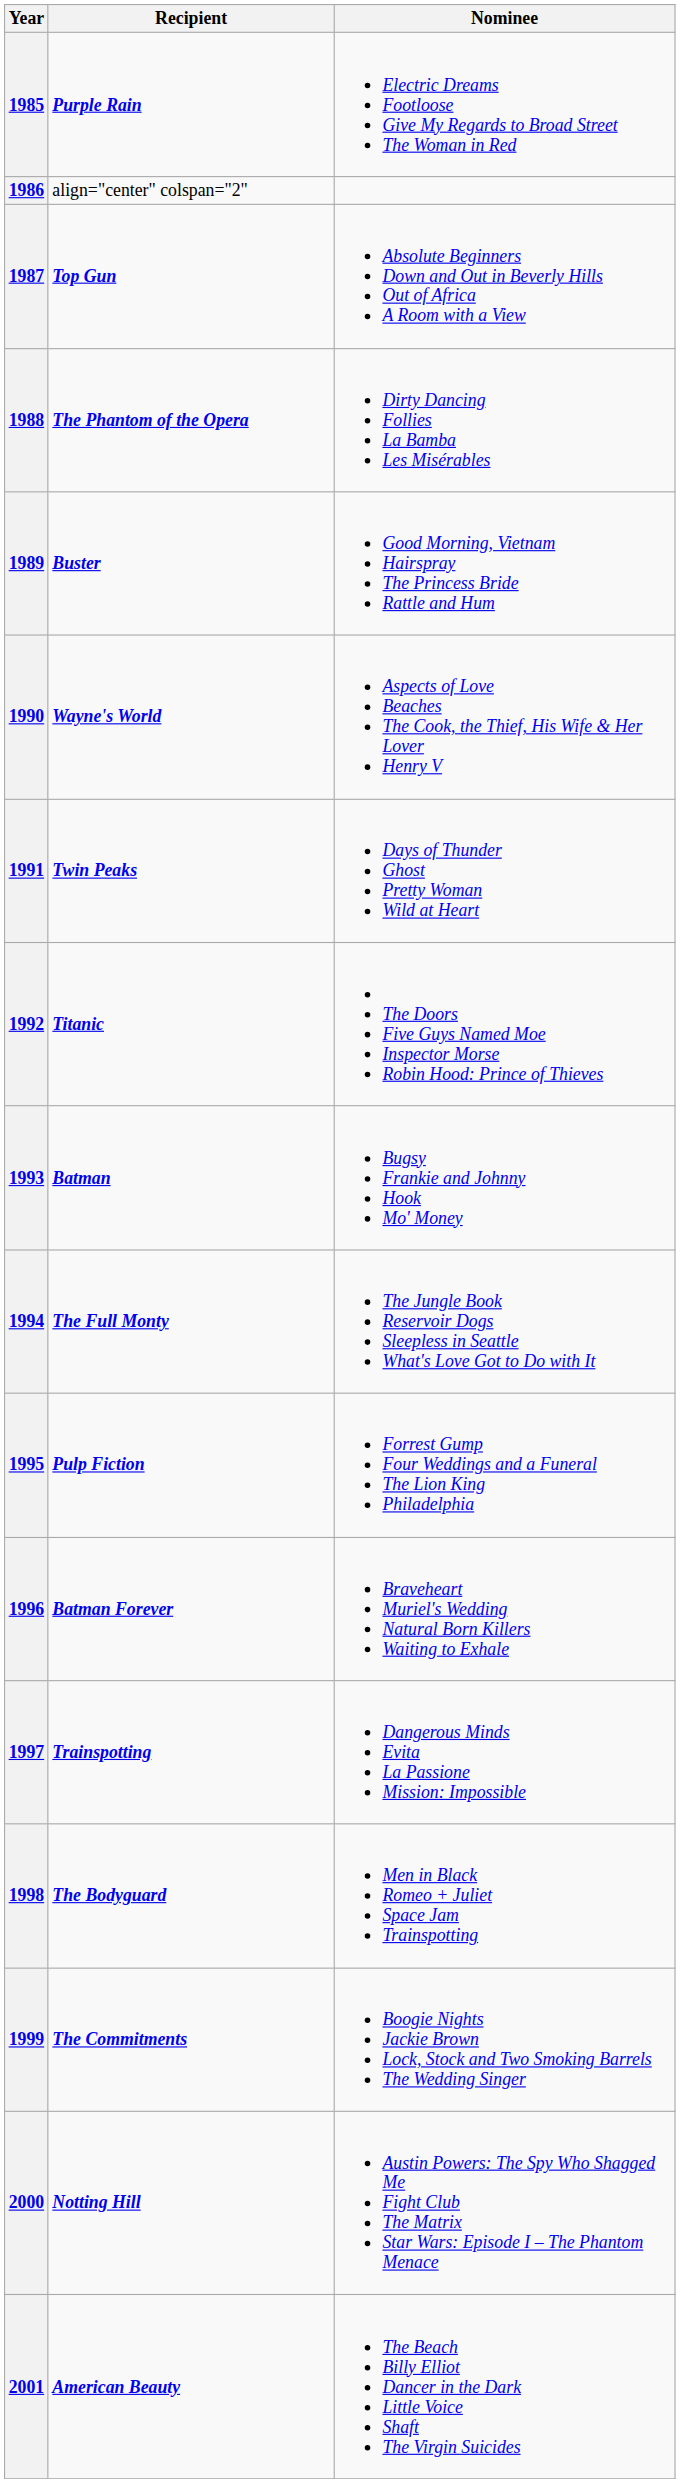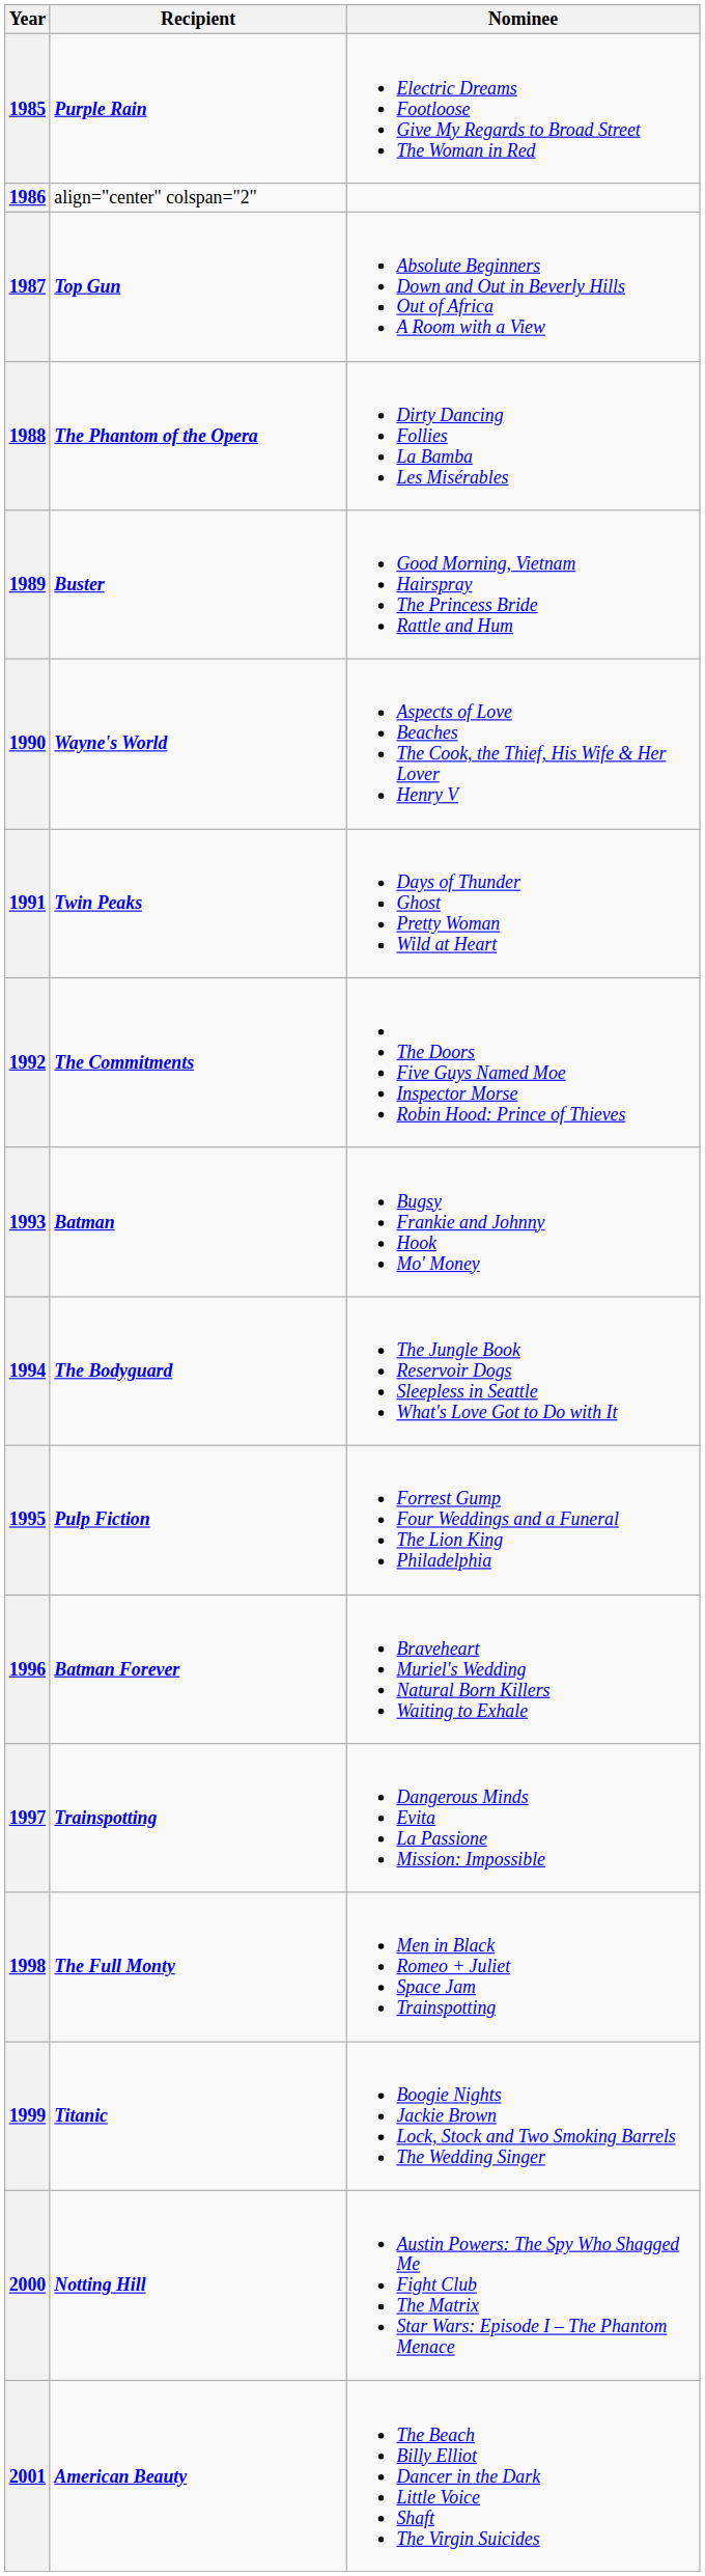 <table class="wikitable sortable plainrowheaders">
 <tr>
 <th>Year</th>
 <th width="250">Recipient</th>
 <th width="300" class="unsortable">Nominee</th>
 </tr>
 <tr>
 <th><a href='#'>1985</a></th>
 <td><strong><em><a href='#'>Purple Rain</a></em></strong></td>
 <td><br><ul><li><em><a href='#'>Electric Dreams</a></em></li><li><em><a href='#'>Footloose</a></em></li><li><em><a href='#'>Give My Regards to Broad Street</a></em></li><li><em><a href='#'>The Woman in Red</a></em></li></ul></td>
 </tr>
 <tr>
 <th><a href='#'>1986</a></th>
 <td>align="center" colspan="2" </td>
 </tr>
 <tr>
 <th><a href='#'>1987</a></th>
 <td><strong><em><a href='#'>Top Gun</a></em></strong></td>
 <td><br><ul><li><em><a href='#'>Absolute Beginners</a></em></li><li><em><a href='#'>Down and Out in Beverly Hills</a></em></li><li><em><a href='#'>Out of Africa</a></em></li><li><em><a href='#'>A Room with a View</a></em></li></ul></td>
 </tr>
 <tr>
 <th><a href='#'>1988</a></th>
 <td><strong><em><a href='#'>The Phantom of the Opera</a></em></strong></td>
 <td><br><ul><li><em><a href='#'>Dirty Dancing</a></em></li><li><em><a href='#'>Follies</a></em></li><li><em><a href='#'>La Bamba</a></em></li><li><em><a href='#'>Les Misérables</a></em></li></ul></td>
 </tr>
 <tr>
 <th><a href='#'>1989</a></th>
 <td><strong><em><a href='#'>Buster</a></em></strong></td>
 <td><br><ul><li><em><a href='#'>Good Morning, Vietnam</a></em></li><li><em><a href='#'>Hairspray</a></em></li><li><em><a href='#'>The Princess Bride</a></em></li><li><em><a href='#'>Rattle and Hum</a></em></li></ul></td>
 </tr>
 <tr>
 <th><a href='#'>1990</a></th>
 <td><strong><em><a href='#'>Wayne's World</a></em></strong></td>
 <td><br><ul><li><em><a href='#'>Aspects of Love</a></em></li><li><em><a href='#'>Beaches</a></em></li><li><em><a href='#'>The Cook, the Thief, His Wife & Her Lover</a></em></li><li><em><a href='#'>Henry V</a></em></li></ul></td>
 </tr>
 <tr>
 <th><a href='#'>1991</a></th>
 <td><strong><em><a href='#'>Twin Peaks</a></em></strong></td>
 <td><br><ul><li><em><a href='#'>Days of Thunder</a></em></li><li><em><a href='#'>Ghost</a></em></li><li><em><a href='#'>Pretty Woman</a></em></li><li><em><a href='#'>Wild at Heart</a></em></li></ul></td>
 </tr>
 <tr>
 <th><a href='#'>1992</a></th>
-<td><strong><em><a href='#'>Titanic</a></em></strong></td>
+<td><strong><em><a href='#'>The Commitments</a></em></strong></td>
 <td><br><ul><li></li><li><em><a href='#'>The Doors</a></em></li><li><em><a href='#'>Five Guys Named Moe</a></em></li><li><em><a href='#'>Inspector Morse</a></em></li><li><em><a href='#'>Robin Hood: Prince of Thieves</a></em></li></ul></td>
 </tr>
 <tr>
 <th><a href='#'>1993</a></th>
 <td><strong><em><a href='#'>Batman</a></em></strong></td>
 <td><br><ul><li><em><a href='#'>Bugsy</a></em></li><li><em><a href='#'>Frankie and Johnny</a></em></li><li><em><a href='#'>Hook</a></em></li><li><em><a href='#'>Mo' Money</a></em></li></ul></td>
 </tr>
 <tr>
 <th><a href='#'>1994</a></th>
-<td><strong><em><a href='#'>The Full Monty</a></em></strong></td>
+<td><strong><em><a href='#'>The Bodyguard</a></em></strong></td>
 <td><br><ul><li><em><a href='#'>The Jungle Book</a></em></li><li><em><a href='#'>Reservoir Dogs</a></em></li><li><em><a href='#'>Sleepless in Seattle</a></em></li><li><em><a href='#'>What's Love Got to Do with It</a></em></li></ul></td>
 </tr>
 <tr>
 <th><a href='#'>1995</a></th>
 <td><strong><em><a href='#'>Pulp Fiction</a></em></strong></td>
 <td><br><ul><li><em><a href='#'>Forrest Gump</a></em></li><li><em><a href='#'>Four Weddings and a Funeral</a></em></li><li><em><a href='#'>The Lion King</a></em></li><li><em><a href='#'>Philadelphia</a></em></li></ul></td>
 </tr>
 <tr>
 <th><a href='#'>1996</a></th>
 <td><strong><em><a href='#'>Batman Forever</a></em></strong></td>
 <td><br><ul><li><em><a href='#'>Braveheart</a></em></li><li><em><a href='#'>Muriel's Wedding</a></em></li><li><em><a href='#'>Natural Born Killers</a></em></li><li><em><a href='#'>Waiting to Exhale</a></em></li></ul></td>
 </tr>
 <tr>
 <th><a href='#'>1997</a></th>
 <td><strong><em><a href='#'>Trainspotting</a></em></strong></td>
 <td><br><ul><li><em><a href='#'>Dangerous Minds</a></em></li><li><em><a href='#'>Evita</a></em></li><li><em><a href='#'>La Passione</a></em></li><li><em><a href='#'>Mission: Impossible</a></em></li></ul></td>
 </tr>
 <tr>
 <th><a href='#'>1998</a></th>
-<td><strong><em><a href='#'>The Bodyguard</a></em></strong></td>
+<td><strong><em><a href='#'>The Full Monty</a></em></strong></td>
 <td><br><ul><li><em><a href='#'>Men in Black</a></em></li><li><em><a href='#'>Romeo + Juliet</a></em></li><li><em><a href='#'>Space Jam</a></em></li><li><em><a href='#'>Trainspotting</a></em></li></ul></td>
 </tr>
 <tr>
 <th><a href='#'>1999</a></th>
-<td><strong><em><a href='#'>The Commitments</a></em></strong></td>
+<td><strong><em><a href='#'>Titanic</a></em></strong></td>
 <td><br><ul><li><em><a href='#'>Boogie Nights</a></em></li><li><em><a href='#'>Jackie Brown</a></em></li><li><em><a href='#'>Lock, Stock and Two Smoking Barrels</a></em></li><li><em><a href='#'>The Wedding Singer</a></em></li></ul></td>
 </tr>
 <tr>
 <th><a href='#'>2000</a></th>
 <td><strong><em><a href='#'>Notting Hill</a></em></strong></td>
 <td><br><ul><li><em><a href='#'>Austin Powers: The Spy Who Shagged Me</a></em></li><li><em><a href='#'>Fight Club</a></em></li><li><em><a href='#'>The Matrix</a></em></li><li><em><a href='#'>Star Wars: Episode I – The Phantom Menace</a></em></li></ul></td>
 </tr>
 <tr>
 <th><a href='#'>2001</a></th>
 <td><strong><em><a href='#'>American Beauty</a></em></strong></td>
 <td><br><ul><li><em><a href='#'>The Beach</a></em></li><li><em><a href='#'>Billy Elliot</a></em></li><li><em><a href='#'>Dancer in the Dark</a></em></li><li><em><a href='#'>Little Voice</a></em></li><li><em><a href='#'>Shaft</a></em></li><li><em><a href='#'>The Virgin Suicides</a></em></li></ul></td>
 </tr>
 </table>
